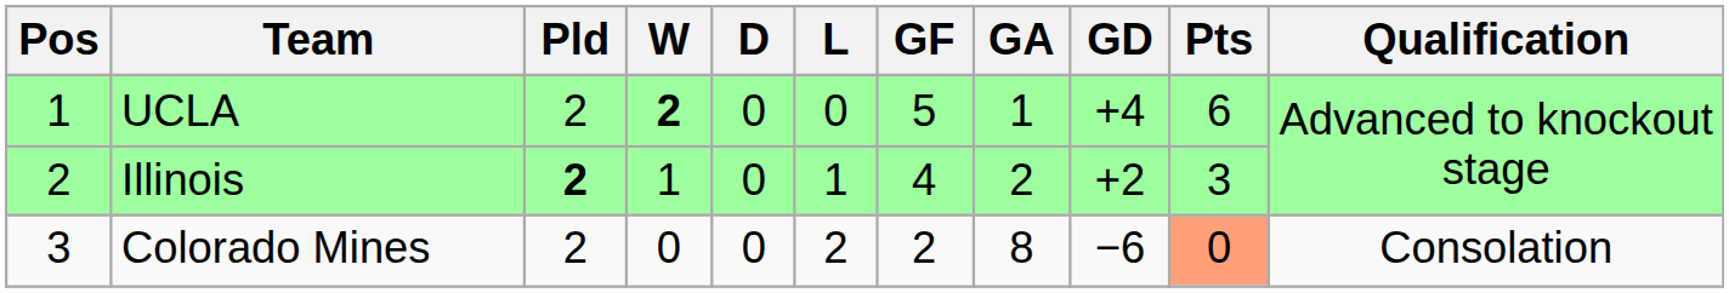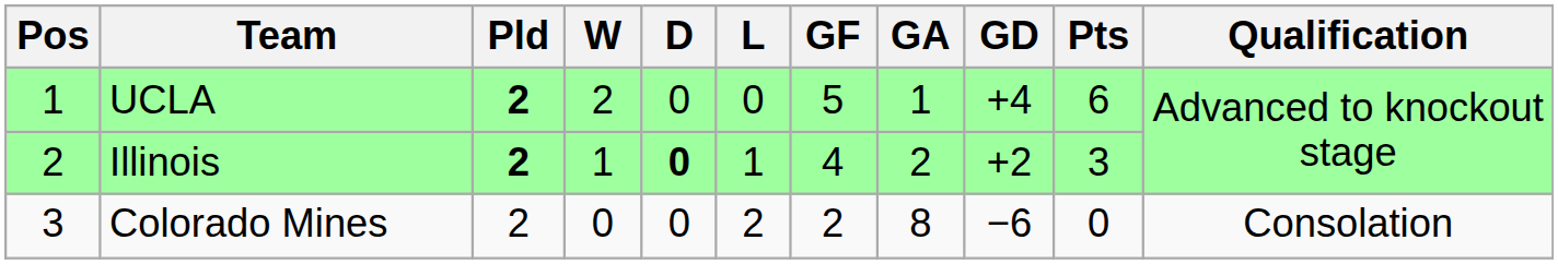 <table class="wikitable" style="text-align:center; margin: 1em auto">
 <tr>
 <th style="width:2em">Pos</th>
 <th style="width:13em">Team</th>
 <th style="width:2em">Pld</th>
 <th style="width:2em">W</th>
 <th style="width:2em">D</th>
 <th style="width:2em">L</th>
 <th style="width:2em">GF</th>
 <th style="width:2em">GA</th>
 <th style="width:2em">GD</th>
 <th style="width:2em">Pts</th>
 <th style="width:13em">Qualification</th>
 </tr>
 <tr bgcolor="#9eff9e">
 <td>1</td>
 <td style="text-align:left">UCLA</td>
+<td><strong>2</strong></td>
 <td>2</td>
-<td><strong>2</strong></td>
 <td>0</td>
 <td>0</td>
 <td>5</td>
 <td>1</td>
 <td>+4</td>
 <td>6</td>
 <td rowspan="2">Advanced to knockout stage</td>
 </tr>
 <tr bgcolor="#9eff9e">
 <td>2</td>
 <td style="text-align:left">Illinois</td>
 <td><strong>2</strong></td>
 <td>1</td>
-<td>0</td>
+<td><strong>0</strong></td>
 <td>1</td>
 <td>4</td>
 <td>2</td>
 <td>+2</td>
 <td>3</td>
 </tr>
 <tr>
 <td>3</td>
 <td style="text-align:left">Colorado Mines</td>
 <td>2</td>
 <td>0</td>
 <td>0</td>
 <td>2</td>
 <td>2</td>
 <td>8</td>
 <td>−6</td>
-<td style="background: lightsalmon;">0</td>
+<td>0</td>
 <td>Consolation</td>
 </tr>
 </table>
